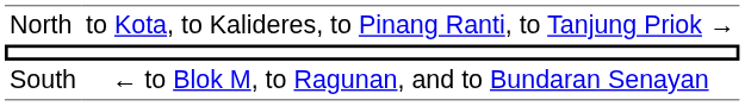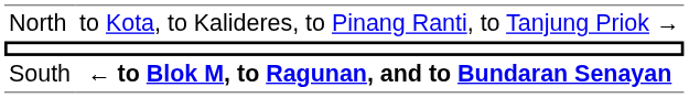 <table cellspacing="0" cellpadding="3">
 <tr>
 <td style="border-top:solid 1px gray">North</td>
 <td style="text-align:center;border-top:solid 1px gray"> to <a href='#'>Kota</a>,  to Kalideres,  to <a href='#'>Pinang Ranti</a>,  to <a href='#'>Tanjung Priok</a>  →</td>
 </tr>
 <tr>
 <td colspan="2" style="text-align:center; border:solid 2px black; "></td>
 </tr>
 <tr>
 <td style="border-bottom:solid 1px gray">South</td>
-<td style="text-align:center ; border-bottom:solid 1px gray">←   to <a href='#'>Blok M</a>,  to <a href='#'>Ragunan</a>, and   to <a href='#'>Bundaran Senayan</a></td>
+<td style="text-align:center ; border-bottom:solid 1px gray"><strong>←   to <a href='#'>Blok M</a>,  to <a href='#'>Ragunan</a>, and   to <a href='#'>Bundaran Senayan</a></strong></td>
 </tr>
 </table>
